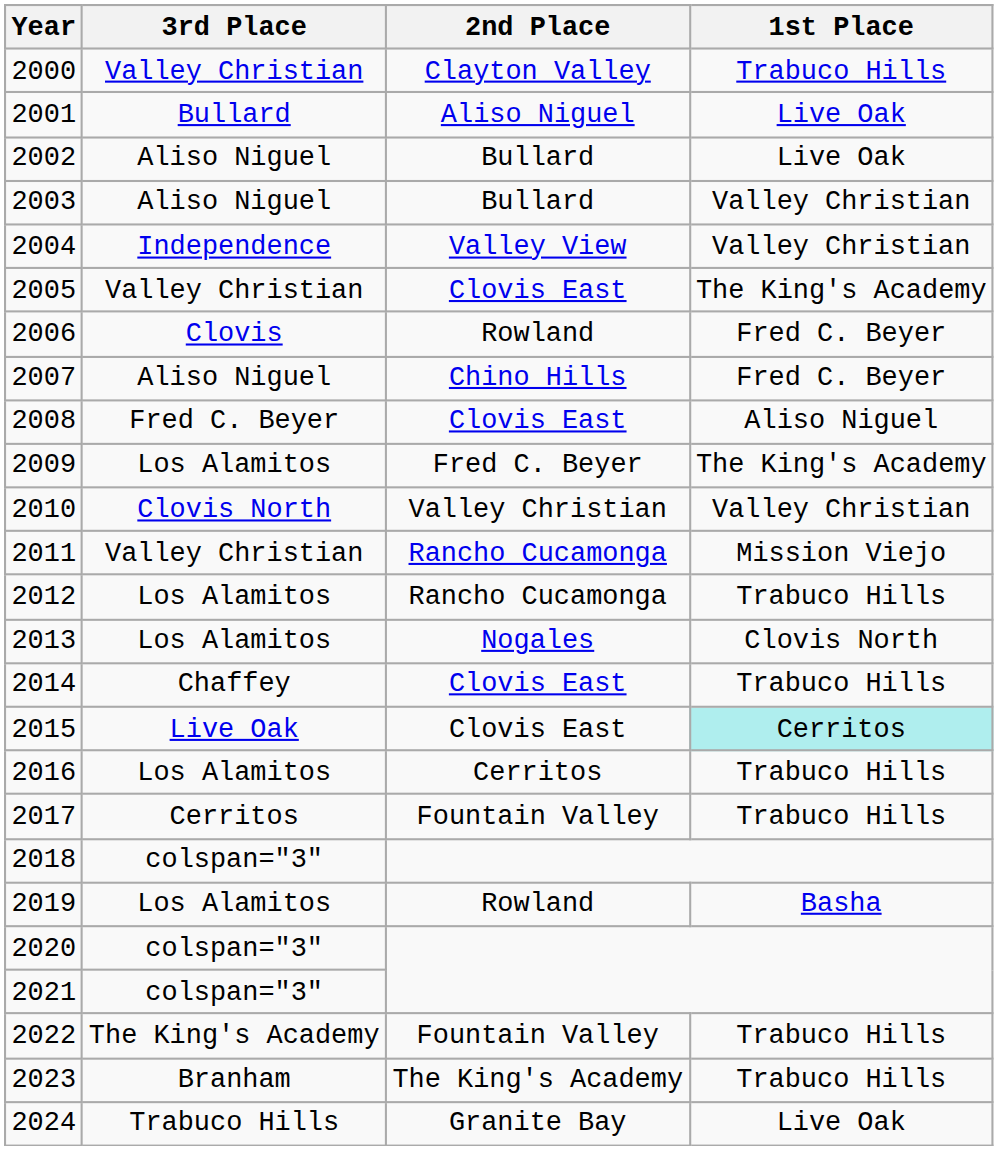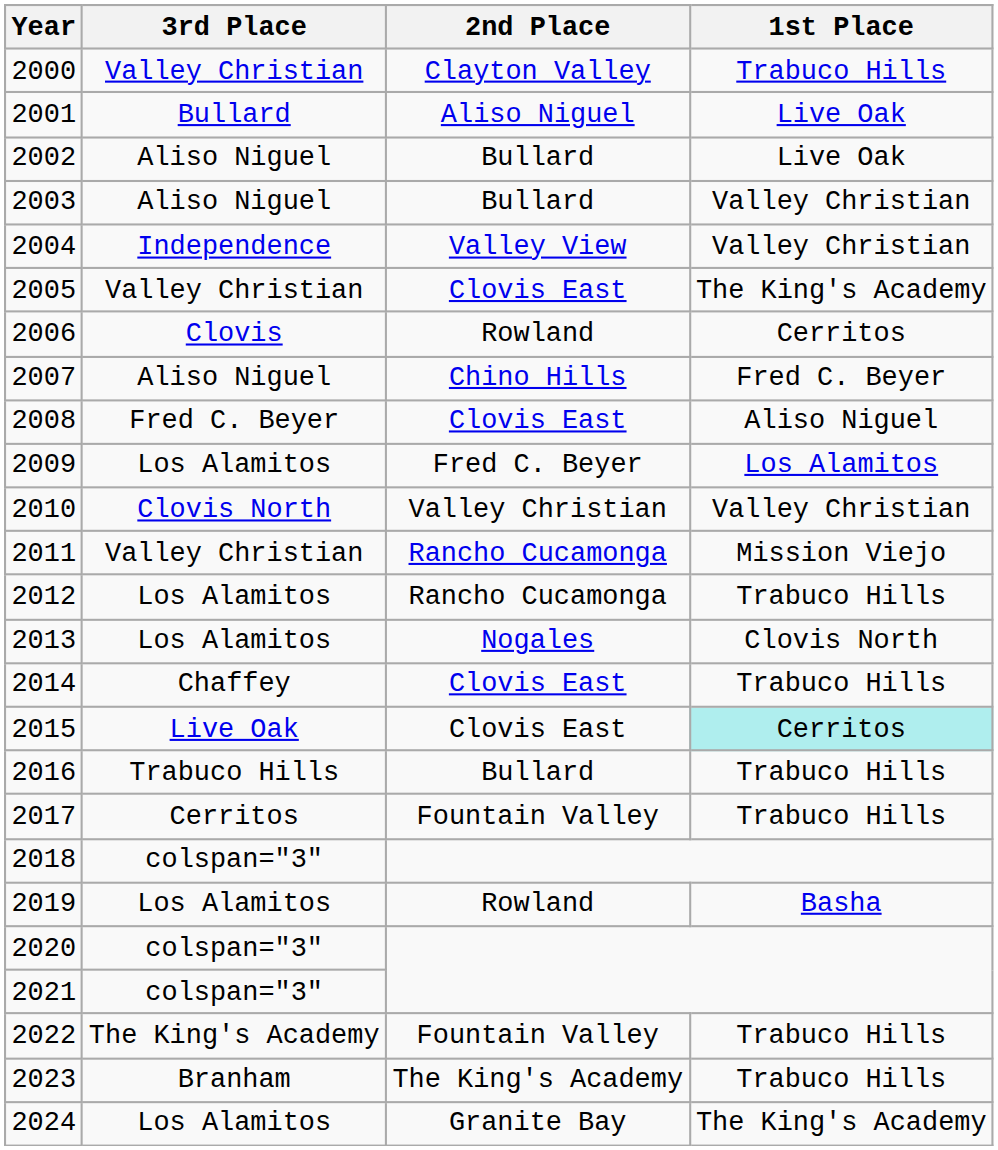 <table class="wikitable" style="text-align: center;">
 <tr>
 <th>Year</th>
 <th style="min-width: 8em;">3rd Place</th>
 <th style="min-width: 8em;">2nd Place</th>
 <th style="min-width: 8em;">1st Place</th>
 </tr>
 <tr>
 <td>2000</td>
 <td><a href='#'>Valley Christian</a></td>
 <td><a href='#'>Clayton Valley</a></td>
 <td><a href='#'>Trabuco Hills</a></td>
 </tr>
 <tr>
 <td>2001</td>
 <td><a href='#'>Bullard</a></td>
 <td><a href='#'>Aliso Niguel</a></td>
 <td><a href='#'>Live Oak</a></td>
 </tr>
 <tr>
 <td>2002</td>
 <td>Aliso Niguel</td>
 <td>Bullard</td>
 <td>Live Oak</td>
 </tr>
 <tr>
 <td>2003</td>
 <td>Aliso Niguel</td>
 <td>Bullard</td>
 <td>Valley Christian</td>
 </tr>
 <tr>
 <td>2004</td>
 <td><a href='#'>Independence</a></td>
 <td><a href='#'>Valley View</a></td>
 <td>Valley Christian</td>
 </tr>
 <tr>
 <td>2005</td>
 <td>Valley Christian</td>
 <td><a href='#'>Clovis East</a></td>
 <td>The King's Academy</td>
 </tr>
 <tr>
 <td>2006</td>
 <td><a href='#'>Clovis</a></td>
 <td>Rowland</td>
-<td>Fred C. Beyer</td>
+<td>Cerritos</td>
 </tr>
 <tr>
 <td>2007</td>
 <td>Aliso Niguel</td>
 <td><a href='#'>Chino Hills</a></td>
 <td>Fred C. Beyer</td>
 </tr>
 <tr>
 <td>2008</td>
 <td>Fred C. Beyer</td>
 <td><a href='#'>Clovis East</a></td>
 <td>Aliso Niguel</td>
 </tr>
 <tr>
 <td>2009</td>
 <td>Los Alamitos</td>
 <td>Fred C. Beyer</td>
-<td>The King's Academy</td>
+<td><a href='#'>Los Alamitos</a></td>
 </tr>
 <tr>
 <td>2010</td>
 <td><a href='#'>Clovis North</a></td>
 <td>Valley Christian</td>
 <td>Valley Christian</td>
 </tr>
 <tr>
 <td>2011</td>
 <td>Valley Christian</td>
 <td><a href='#'>Rancho Cucamonga</a></td>
 <td>Mission Viejo</td>
 </tr>
 <tr>
 <td>2012</td>
 <td>Los Alamitos</td>
 <td>Rancho Cucamonga</td>
 <td>Trabuco Hills</td>
 </tr>
 <tr>
 <td>2013</td>
 <td>Los Alamitos</td>
 <td><a href='#'>Nogales</a></td>
 <td>Clovis North</td>
 </tr>
 <tr>
 <td>2014</td>
 <td>Chaffey</td>
 <td><a href='#'>Clovis East</a></td>
 <td>Trabuco Hills</td>
 </tr>
 <tr>
 <td>2015</td>
 <td><a href='#'>Live Oak</a></td>
 <td>Clovis East</td>
 <td style="background: paleturquoise;">Cerritos</td>
 </tr>
 <tr>
 <td>2016</td>
-<td>Los Alamitos</td>
-<td>Cerritos</td>
+<td>Trabuco Hills</td>
+<td>Bullard</td>
 <td>Trabuco Hills</td>
 </tr>
 <tr>
 <td>2017</td>
 <td>Cerritos</td>
 <td>Fountain Valley</td>
 <td>Trabuco Hills</td>
 </tr>
 <tr>
 <td>2018</td>
 <td>colspan="3" </td>
 </tr>
 <tr>
 <td>2019</td>
 <td>Los Alamitos</td>
 <td>Rowland</td>
 <td><a href='#'>Basha</a></td>
 </tr>
 <tr>
 <td>2020</td>
 <td>colspan="3" </td>
 </tr>
 <tr>
 <td>2021</td>
 <td>colspan="3" </td>
 </tr>
 <tr>
 <td>2022</td>
 <td>The King's Academy</td>
 <td>Fountain Valley</td>
 <td>Trabuco Hills</td>
 </tr>
 <tr>
 <td>2023</td>
 <td>Branham</td>
 <td>The King's Academy</td>
 <td>Trabuco Hills</td>
 </tr>
 <tr>
 <td>2024</td>
-<td>Trabuco Hills</td>
+<td>Los Alamitos</td>
 <td>Granite Bay</td>
-<td>Live Oak</td>
+<td>The King's Academy</td>
 </tr>
 </table>
